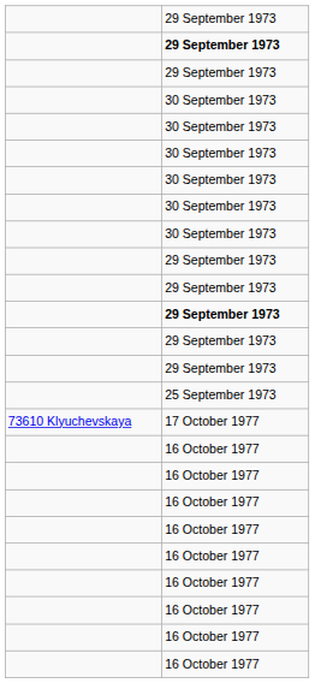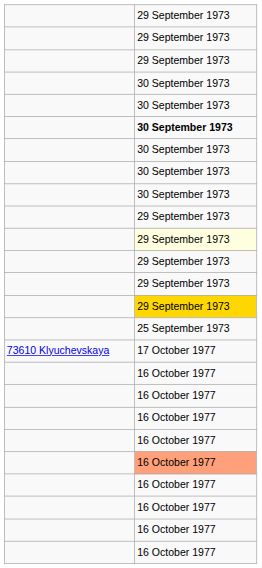 <table class="wikitable" style="font-size: 89%; float: left; width: 24em; margin-right: 1em; line-height: 1.65em">
 <tr>
 <td></td>
 <td>29 September 1973</td>
 </tr>
 <tr>
 <td></td>
-<td><strong>29 September 1973</strong></td>
+<td>29 September 1973</td>
 </tr>
 <tr>
 <td></td>
 <td>29 September 1973</td>
 </tr>
 <tr>
 <td></td>
 <td>30 September 1973</td>
 </tr>
 <tr>
 <td></td>
 <td>30 September 1973</td>
 </tr>
 <tr>
 <td></td>
-<td>30 September 1973</td>
+<td><strong>30 September 1973</strong></td>
 </tr>
 <tr>
 <td></td>
 <td>30 September 1973</td>
 </tr>
 <tr>
 <td></td>
 <td>30 September 1973</td>
 </tr>
 <tr>
 <td></td>
 <td>30 September 1973</td>
 </tr>
 <tr>
 <td></td>
 <td>29 September 1973</td>
 </tr>
 <tr>
 <td></td>
-<td>29 September 1973</td>
-</tr>
-<tr>
-<td></td>
-<td><strong>29 September 1973</strong></td>
+<td style="background: lightyellow;">29 September 1973</td>
 </tr>
 <tr>
 <td></td>
 <td>29 September 1973</td>
 </tr>
 <tr>
 <td></td>
 <td>29 September 1973</td>
+</tr>
+<tr>
+<td></td>
+<td style="background: gold;">29 September 1973</td>
 </tr>
 <tr>
 <td></td>
 <td>25 September 1973</td>
 </tr>
 <tr>
 <td><a href='#'>73610 Klyuchevskaya</a></td>
 <td>17 October 1977</td>
 </tr>
 <tr>
 <td></td>
 <td>16 October 1977</td>
 </tr>
 <tr>
 <td></td>
 <td>16 October 1977</td>
 </tr>
 <tr>
 <td></td>
 <td>16 October 1977</td>
 </tr>
 <tr>
 <td></td>
 <td>16 October 1977</td>
 </tr>
 <tr>
 <td></td>
-<td>16 October 1977</td>
+<td style="background: lightsalmon;">16 October 1977</td>
 </tr>
 <tr>
 <td></td>
 <td>16 October 1977</td>
 </tr>
 <tr>
 <td></td>
 <td>16 October 1977</td>
 </tr>
 <tr>
 <td></td>
 <td>16 October 1977</td>
 </tr>
 <tr>
 <td></td>
 <td>16 October 1977</td>
 </tr>
 </table>
